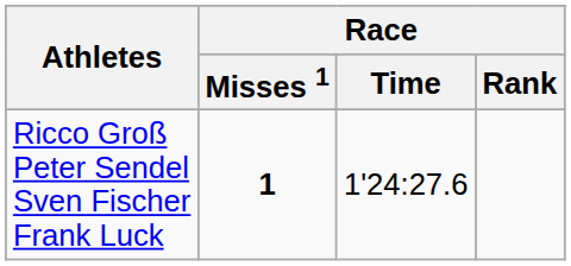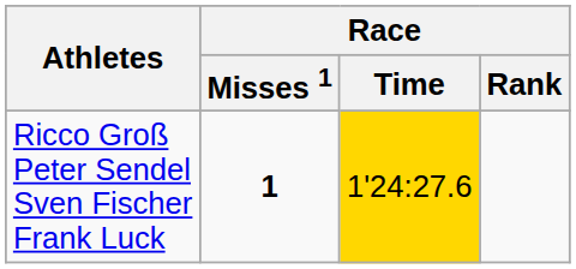 <table class="wikitable" border="1" style="font-size:90%">
 <tr>
 <th rowspan=2>Athletes</th>
 <th colspan=3>Race</th>
 </tr>
 <tr>
 <th>Misses <sup>1</sup></th>
 <th>Time</th>
 <th>Rank</th>
 </tr>
 <tr>
 <td><a href='#'>Ricco Groß</a><br><a href='#'>Peter Sendel</a><br><a href='#'>Sven Fischer</a><br><a href='#'>Frank Luck</a></td>
 <td align=center><strong>1</strong></td>
-<td align=center>1'24:27.6</td>
+<td align=center style="background: gold;">1'24:27.6</td>
 <td align=center></td>
 </tr>
 </table>
